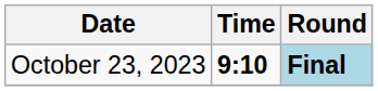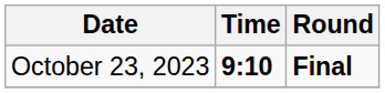 <table class="wikitable">
 <tr>
 <th>Date</th>
 <th>Time</th>
 <th>Round</th>
 </tr>
 <tr>
 <td>October 23, 2023</td>
 <td><strong>9:10</strong></td>
-<td style="background: lightblue;"><strong>Final</strong></td>
+<td><strong>Final</strong></td>
 </tr>
 <tr>
 </tr>
 </table>
